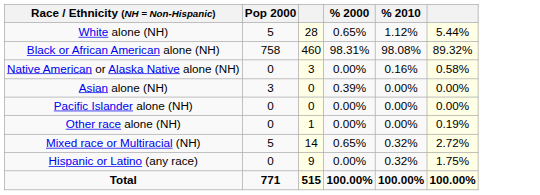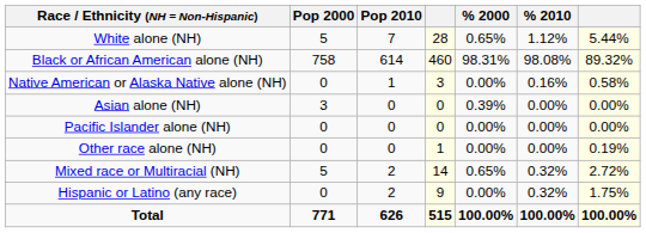 <table class="wikitable" style="text-align:center;">
 <tr>
 <th>Race / Ethnicity <small>(<em>NH = Non-Hispanic</em>)</small></th>
 <th>Pop 2000</th>
+<th>Pop 2010</th>
 <th></th>
 <th>% 2000</th>
 <th>% 2010</th>
 <th></th>
 </tr>
 <tr>
 <td><a href='#'>White</a> alone (NH)</td>
 <td>5</td>
+<td>7</td>
 <td style='background: #ffffe6;'>28</td>
 <td>0.65%</td>
 <td>1.12%</td>
 <td style='background: #ffffe6;'>5.44%</td>
 </tr>
 <tr>
 <td><a href='#'>Black or African American</a> alone (NH)</td>
 <td>758</td>
+<td>614</td>
 <td style='background: #ffffe6;'>460</td>
 <td>98.31%</td>
 <td>98.08%</td>
 <td style='background: #ffffe6;'>89.32%</td>
 </tr>
 <tr>
 <td><a href='#'>Native American</a> or <a href='#'>Alaska Native</a> alone (NH)</td>
 <td>0</td>
+<td>1</td>
 <td style='background: #ffffe6;'>3</td>
 <td>0.00%</td>
 <td>0.16%</td>
 <td style='background: #ffffe6;'>0.58%</td>
 </tr>
 <tr>
 <td><a href='#'>Asian</a> alone (NH)</td>
 <td>3</td>
+<td>0</td>
 <td style='background: #ffffe6;'>0</td>
 <td>0.39%</td>
 <td>0.00%</td>
 <td style='background: #ffffe6;'>0.00%</td>
 </tr>
 <tr>
 <td><a href='#'>Pacific Islander</a> alone (NH)</td>
+<td>0</td>
 <td>0</td>
 <td style='background: #ffffe6;'>0</td>
 <td>0.00%</td>
 <td>0.00%</td>
 <td style='background: #ffffe6;'>0.00%</td>
 </tr>
 <tr>
 <td><a href='#'>Other race</a> alone (NH)</td>
 <td>0</td>
+<td>0</td>
 <td style='background: #ffffe6;'>1</td>
 <td>0.00%</td>
 <td>0.00%</td>
 <td style='background: #ffffe6;'>0.19%</td>
 </tr>
 <tr>
 <td><a href='#'>Mixed race or Multiracial</a> (NH)</td>
 <td>5</td>
+<td>2</td>
 <td style='background: #ffffe6;'>14</td>
 <td>0.65%</td>
 <td>0.32%</td>
 <td style='background: #ffffe6;'>2.72%</td>
 </tr>
 <tr>
 <td><a href='#'>Hispanic or Latino</a> (any race)</td>
 <td>0</td>
+<td>2</td>
 <td style='background: #ffffe6;'>9</td>
 <td>0.00%</td>
 <td>0.32%</td>
 <td style='background: #ffffe6;'>1.75%</td>
 </tr>
 <tr>
 <td><strong>Total</strong></td>
 <td><strong>771</strong></td>
+<td><strong>626</strong></td>
 <td style='background: #ffffe6;'><strong>515</strong></td>
 <td><strong>100.00%</strong></td>
 <td><strong>100.00%</strong></td>
 <td style='background: #ffffe6;'><strong>100.00%</strong></td>
 </tr>
 </table>
